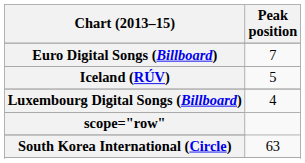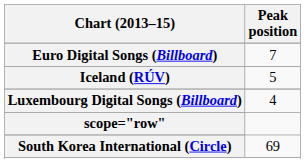 <table class="wikitable plainrowheaders sortable" style="text-align:center">
 <tr>
 <th scope="col">Chart (2013–15)</th>
 <th scope="col">Peak<br>position</th>
 </tr>
 <tr>
 </tr>
 <tr>
 </tr>
 <tr>
 </tr>
 <tr>
 </tr>
 <tr>
 </tr>
 <tr>
 </tr>
 <tr>
 </tr>
 <tr>
 </tr>
 <tr>
 <th scope="row">Euro Digital Songs (<em><a href='#'>Billboard</a></em>)</th>
 <td>7</td>
 </tr>
 <tr>
 </tr>
 <tr>
 </tr>
 <tr>
 </tr>
 <tr>
 </tr>
 <tr>
 </tr>
 <tr>
 <th scope="row">Iceland (<a href='#'>RÚV</a>)</th>
 <td>5</td>
 </tr>
 <tr>
 </tr>
 <tr>
 <th scope="row">Luxembourg Digital Songs (<em><a href='#'>Billboard</a></em>)</th>
 <td>4</td>
 </tr>
 <tr>
 </tr>
 <tr>
 </tr>
 <tr>
 </tr>
 <tr>
 </tr>
 <tr>
 </tr>
 <tr>
 <th>scope="row"</th>
 </tr>
 <tr>
 </tr>
 <tr>
 </tr>
 <tr>
 </tr>
 <tr>
 <th scope="row">South Korea International (<a href='#'>Circle</a>)</th>
-<td>63</td>
+<td>69</td>
 </tr>
 <tr>
 </tr>
 <tr>
 </tr>
 <tr>
 </tr>
 <tr>
 </tr>
 <tr>
 </tr>
 <tr>
 </tr>
 <tr>
 </tr>
 <tr>
 </tr>
 </table>
